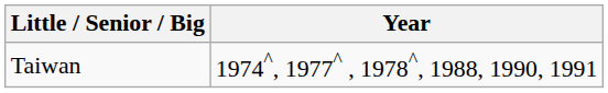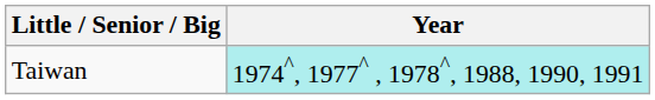 <table class="wikitable">
 <tr>
 <th>Little / Senior / Big</th>
 <th>Year</th>
 </tr>
 <tr>
 <td> Taiwan</td>
-<td>1974<sup>^</sup>, 1977<sup>^</sup> , 1978<sup>^</sup>, 1988, 1990, 1991</td>
+<td style="background: paleturquoise;">1974<sup>^</sup>, 1977<sup>^</sup> , 1978<sup>^</sup>, 1988, 1990, 1991</td>
 </tr>
 </table>
